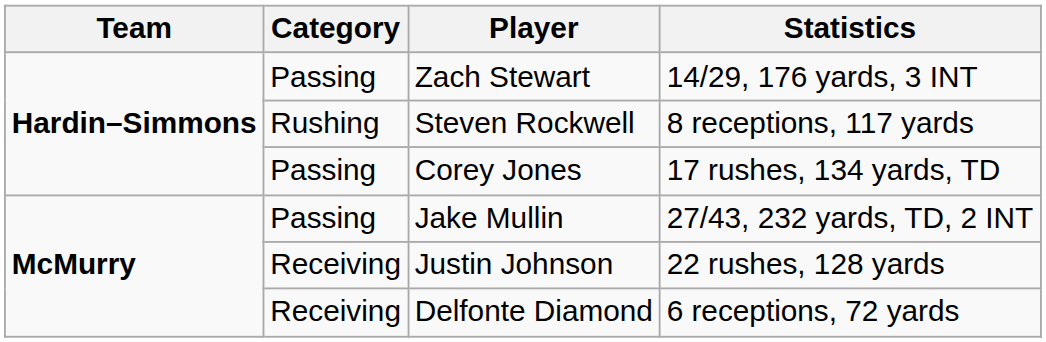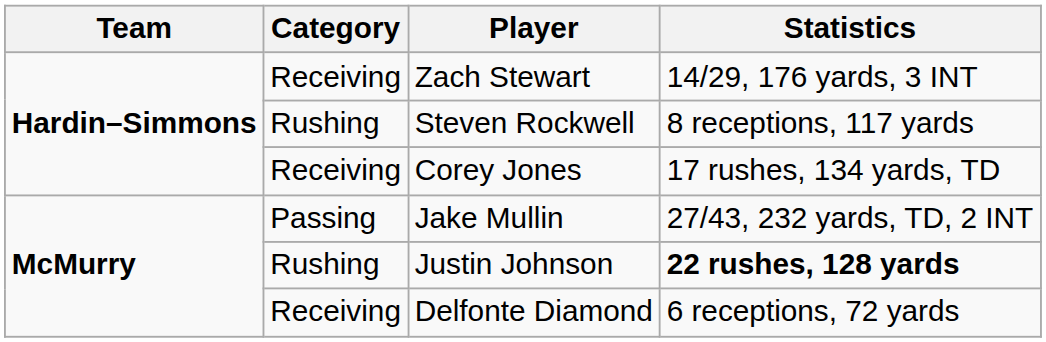 <table class="wikitable" style="float: left;">
 <tr>
 <th>Team</th>
 <th>Category</th>
 <th>Player</th>
 <th>Statistics</th>
 </tr>
 <tr>
 <td rowspan=3><strong>Hardin–Simmons</strong></td>
-<td>Passing</td>
+<td>Receiving</td>
 <td>Zach Stewart</td>
 <td>14/29, 176 yards, 3 INT</td>
 </tr>
 <tr>
 <td>Rushing</td>
 <td>Steven Rockwell</td>
 <td>8 receptions, 117 yards</td>
 </tr>
 <tr>
-<td>Passing</td>
+<td>Receiving</td>
 <td>Corey Jones</td>
 <td>17 rushes, 134 yards, TD</td>
 </tr>
 <tr>
 <td rowspan=3><strong>McMurry</strong></td>
 <td>Passing</td>
 <td>Jake Mullin</td>
 <td>27/43, 232 yards, TD, 2 INT</td>
 </tr>
 <tr>
-<td>Receiving</td>
+<td>Rushing</td>
 <td>Justin Johnson</td>
-<td>22 rushes, 128 yards</td>
+<td><strong>22 rushes, 128 yards</strong></td>
 </tr>
 <tr>
 <td>Receiving</td>
 <td>Delfonte Diamond</td>
 <td>6 receptions, 72 yards</td>
 </tr>
 </table>
